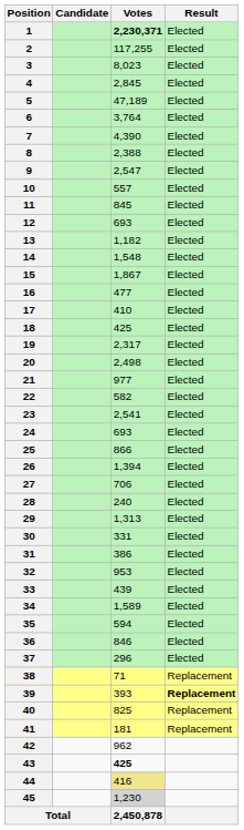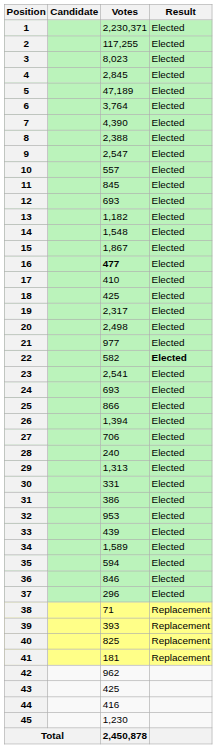 <table class="wikitable sortable col3right">
 <tr>
 <th scope="col">Position</th>
 <th scope="col">Candidate</th>
 <th scope="col">Votes</th>
 <th scope="col">Result</th>
 </tr>
 <tr bgcolor=bbf3bb>
 <th scope="row">1</th>
 <td></td>
-<td><strong>2,230,371</strong></td>
+<td>2,230,371</td>
 <td>Elected</td>
 </tr>
 <tr bgcolor=bbf3bb>
 <th scope="row">2</th>
 <td></td>
 <td>117,255</td>
 <td>Elected</td>
 </tr>
 <tr bgcolor=bbf3bb>
 <th scope="row">3</th>
 <td></td>
 <td>8,023</td>
 <td>Elected</td>
 </tr>
 <tr bgcolor=bbf3bb>
 <th scope="row">4</th>
 <td></td>
 <td>2,845</td>
 <td>Elected</td>
 </tr>
 <tr bgcolor=bbf3bb>
 <th scope="row">5</th>
 <td></td>
 <td>47,189</td>
 <td>Elected</td>
 </tr>
 <tr bgcolor=bbf3bb>
 <th scope="row">6</th>
 <td></td>
 <td>3,764</td>
 <td>Elected</td>
 </tr>
 <tr bgcolor=bbf3bb>
 <th scope="row">7</th>
 <td></td>
 <td>4,390</td>
 <td>Elected</td>
 </tr>
 <tr bgcolor=bbf3bb>
 <th scope="row">8</th>
 <td></td>
 <td>2,388</td>
 <td>Elected</td>
 </tr>
 <tr bgcolor=bbf3bb>
 <th scope="row">9</th>
 <td></td>
 <td>2,547</td>
 <td>Elected</td>
 </tr>
 <tr bgcolor=bbf3bb>
 <th scope="row">10</th>
 <td></td>
 <td>557</td>
 <td>Elected</td>
 </tr>
 <tr bgcolor=bbf3bb>
 <th scope="row">11</th>
 <td></td>
 <td>845</td>
 <td>Elected</td>
 </tr>
 <tr bgcolor=bbf3bb>
 <th scope="row">12</th>
 <td></td>
 <td>693</td>
 <td>Elected</td>
 </tr>
 <tr bgcolor=bbf3bb>
 <th scope="row">13</th>
 <td></td>
 <td>1,182</td>
 <td>Elected</td>
 </tr>
 <tr bgcolor=bbf3bb>
 <th scope="row">14</th>
 <td></td>
 <td>1,548</td>
 <td>Elected</td>
 </tr>
 <tr bgcolor=bbf3bb>
 <th scope="row">15</th>
 <td></td>
 <td>1,867</td>
 <td>Elected</td>
 </tr>
 <tr bgcolor=bbf3bb>
 <th scope="row">16</th>
 <td></td>
-<td>477</td>
+<td><strong>477</strong></td>
 <td>Elected</td>
 </tr>
 <tr bgcolor=bbf3bb>
 <th scope="row">17</th>
 <td></td>
 <td>410</td>
 <td>Elected</td>
 </tr>
 <tr bgcolor=bbf3bb>
 <th scope="row">18</th>
 <td></td>
 <td>425</td>
 <td>Elected</td>
 </tr>
 <tr bgcolor=bbf3bb>
 <th scope="row">19</th>
 <td></td>
 <td>2,317</td>
 <td>Elected</td>
 </tr>
 <tr bgcolor=bbf3bb>
 <th scope="row">20</th>
 <td></td>
 <td>2,498</td>
 <td>Elected</td>
 </tr>
 <tr bgcolor=bbf3bb>
 <th scope="row">21</th>
 <td></td>
 <td>977</td>
 <td>Elected</td>
 </tr>
 <tr bgcolor=bbf3bb>
 <th scope="row">22</th>
 <td></td>
 <td>582</td>
-<td>Elected</td>
+<td><strong>Elected</strong></td>
 </tr>
 <tr bgcolor=bbf3bb>
 <th scope="row">23</th>
 <td></td>
 <td>2,541</td>
 <td>Elected</td>
 </tr>
 <tr bgcolor=bbf3bb>
 <th scope="row">24</th>
 <td></td>
 <td>693</td>
 <td>Elected</td>
 </tr>
 <tr bgcolor=bbf3bb>
 <th scope="row">25</th>
 <td></td>
 <td>866</td>
 <td>Elected</td>
 </tr>
 <tr bgcolor=bbf3bb>
 <th scope="row">26</th>
 <td></td>
 <td>1,394</td>
 <td>Elected</td>
 </tr>
 <tr bgcolor=bbf3bb>
 <th scope="row">27</th>
 <td></td>
 <td>706</td>
 <td>Elected</td>
 </tr>
 <tr bgcolor=bbf3bb>
 <th scope="row">28</th>
 <td></td>
 <td>240</td>
 <td>Elected</td>
 </tr>
 <tr bgcolor=bbf3bb>
 <th scope="row">29</th>
 <td></td>
 <td>1,313</td>
 <td>Elected</td>
 </tr>
 <tr bgcolor=bbf3bb>
 <th scope="row">30</th>
 <td></td>
 <td>331</td>
 <td>Elected</td>
 </tr>
 <tr bgcolor=bbf3bb>
 <th scope="row">31</th>
 <td></td>
 <td>386</td>
 <td>Elected</td>
 </tr>
 <tr bgcolor=bbf3bb>
 <th scope="row">32</th>
 <td></td>
 <td>953</td>
 <td>Elected</td>
 </tr>
 <tr bgcolor=bbf3bb>
 <th scope="row">33</th>
 <td></td>
 <td>439</td>
 <td>Elected</td>
 </tr>
 <tr bgcolor=bbf3bb>
 <th scope="row">34</th>
 <td></td>
 <td>1,589</td>
 <td>Elected</td>
 </tr>
 <tr bgcolor=bbf3bb>
 <th scope="row">35</th>
 <td></td>
 <td>594</td>
 <td>Elected</td>
 </tr>
 <tr bgcolor=bbf3bb>
 <th scope="row">36</th>
 <td></td>
 <td>846</td>
 <td>Elected</td>
 </tr>
 <tr bgcolor=bbf3bb>
 <th scope="row">37</th>
 <td></td>
 <td>296</td>
 <td>Elected</td>
 </tr>
 <tr bgcolor=#FF8>
 <th scope="row">38</th>
 <td></td>
 <td>71</td>
 <td>Replacement</td>
 </tr>
 <tr bgcolor=#FF8>
 <th scope="row">39</th>
 <td></td>
 <td>393</td>
-<td><strong>Replacement</strong></td>
+<td>Replacement</td>
 </tr>
 <tr bgcolor=#FF8>
 <th scope="row">40</th>
 <td></td>
 <td>825</td>
 <td>Replacement</td>
 </tr>
 <tr bgcolor=#FF8>
 <th scope="row">41</th>
 <td></td>
 <td>181</td>
 <td>Replacement</td>
 </tr>
 <tr>
 <th scope="row">42</th>
 <td></td>
 <td>962</td>
 <td></td>
 </tr>
 <tr>
 <th scope="row">43</th>
 <td></td>
-<td><strong>425</strong></td>
+<td>425</td>
 <td></td>
 </tr>
 <tr>
 <th scope="row">44</th>
 <td></td>
-<td style="background: khaki;">416</td>
+<td>416</td>
 <td></td>
 </tr>
 <tr>
 <th scope="row">45</th>
 <td></td>
-<td style="background: lightgrey;">1,230</td>
+<td>1,230</td>
 <td></td>
 </tr>
 <tr class=sortbottom>
 <th scope="row" colspan="2">Total</th>
 <th style="text-align:right">2,450,878</th>
 <th></th>
 </tr>
 </table>
